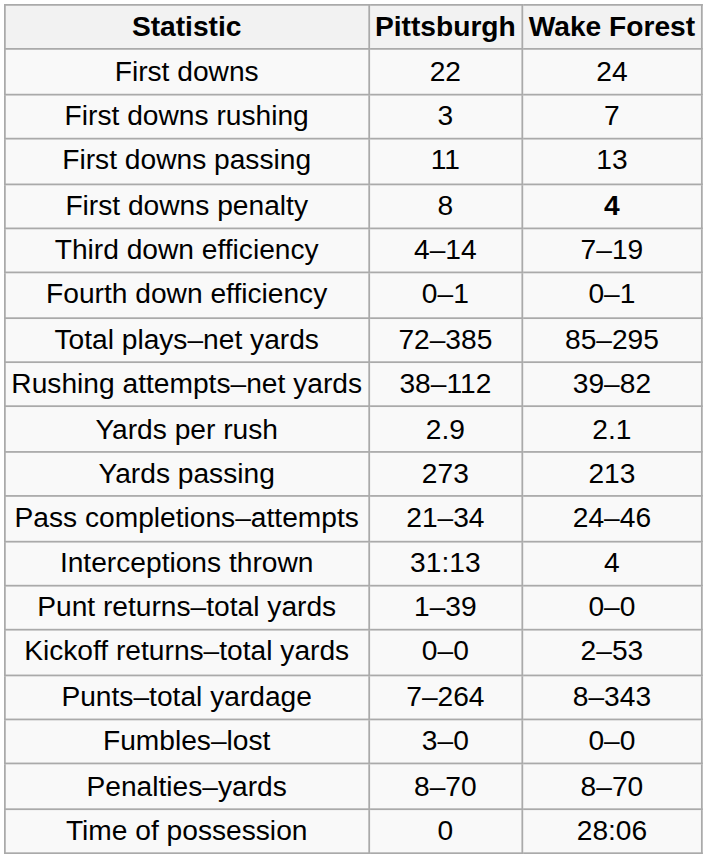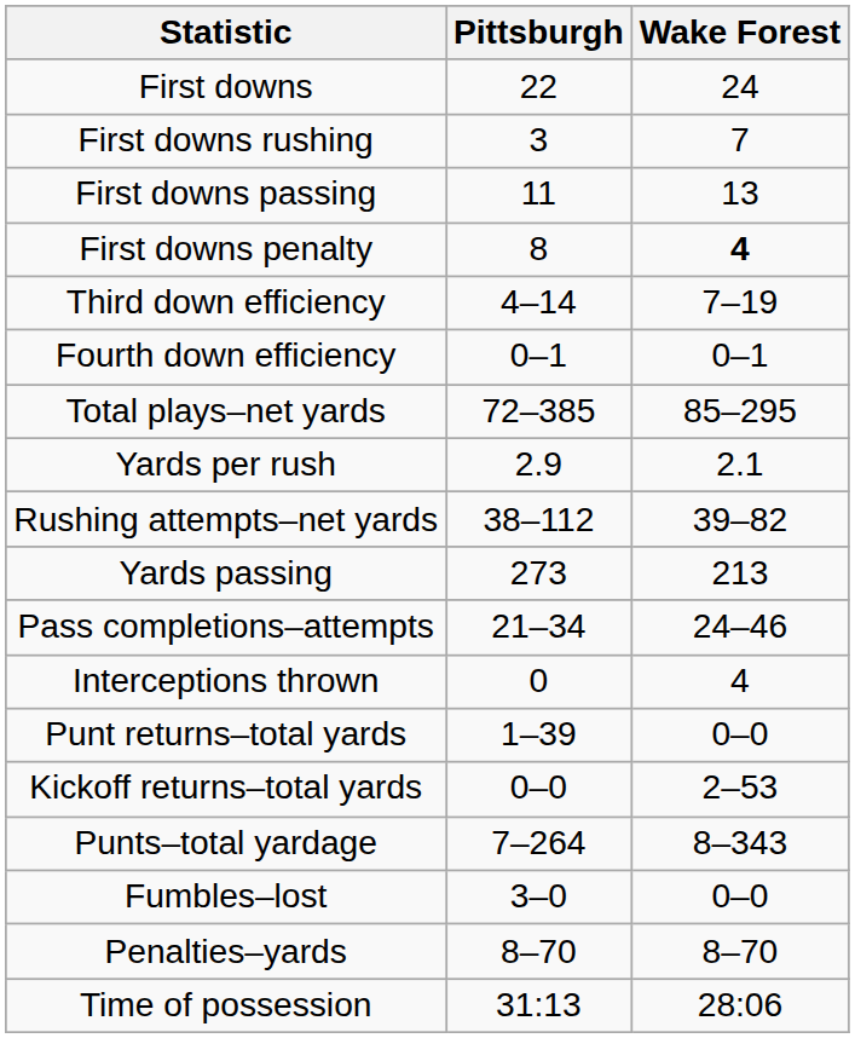 <table class="wikitable" style="text-align:center;">
 <tr>
 <th>Statistic</th>
 <th><strong>Pittsburgh</strong></th>
 <th><strong>Wake Forest</strong></th>
 </tr>
 <tr>
 <td>First downs</td>
 <td>22</td>
 <td>24</td>
 </tr>
 <tr>
 <td>First downs rushing</td>
 <td>3</td>
 <td>7</td>
 </tr>
 <tr>
 <td>First downs passing</td>
 <td>11</td>
 <td>13</td>
 </tr>
 <tr>
 <td>First downs penalty</td>
 <td>8</td>
 <td><strong>4</strong></td>
 </tr>
 <tr>
 <td>Third down efficiency</td>
 <td>4–14</td>
 <td>7–19</td>
 </tr>
 <tr>
 <td>Fourth down efficiency</td>
 <td>0–1</td>
 <td>0–1</td>
 </tr>
 <tr>
 <td>Total plays–net yards</td>
 <td>72–385</td>
 <td>85–295</td>
 </tr>
 <tr>
+<td>Yards per rush</td>
+<td>2.9</td>
+<td>2.1</td>
+</tr>
+<tr>
 <td>Rushing attempts–net yards</td>
 <td>38–112</td>
 <td>39–82</td>
-</tr>
-<tr>
-<td>Yards per rush</td>
-<td>2.9</td>
-<td>2.1</td>
 </tr>
 <tr>
 <td>Yards passing</td>
 <td>273</td>
 <td>213</td>
 </tr>
 <tr>
 <td>Pass completions–attempts</td>
 <td>21–34</td>
 <td>24–46</td>
 </tr>
 <tr>
 <td>Interceptions thrown</td>
-<td>31:13</td>
+<td>0</td>
 <td>4</td>
 </tr>
 <tr>
 <td>Punt returns–total yards</td>
 <td>1–39</td>
 <td>0–0</td>
 </tr>
 <tr>
 <td>Kickoff returns–total yards</td>
 <td>0–0</td>
 <td>2–53</td>
 </tr>
 <tr>
 <td>Punts–total yardage</td>
 <td>7–264</td>
 <td>8–343</td>
 </tr>
 <tr>
 <td>Fumbles–lost</td>
 <td>3–0</td>
 <td>0–0</td>
 </tr>
 <tr>
 <td>Penalties–yards</td>
 <td>8–70</td>
 <td>8–70</td>
 </tr>
 <tr>
 <td>Time of possession</td>
-<td>0</td>
+<td>31:13</td>
 <td>28:06</td>
 </tr>
 </table>
